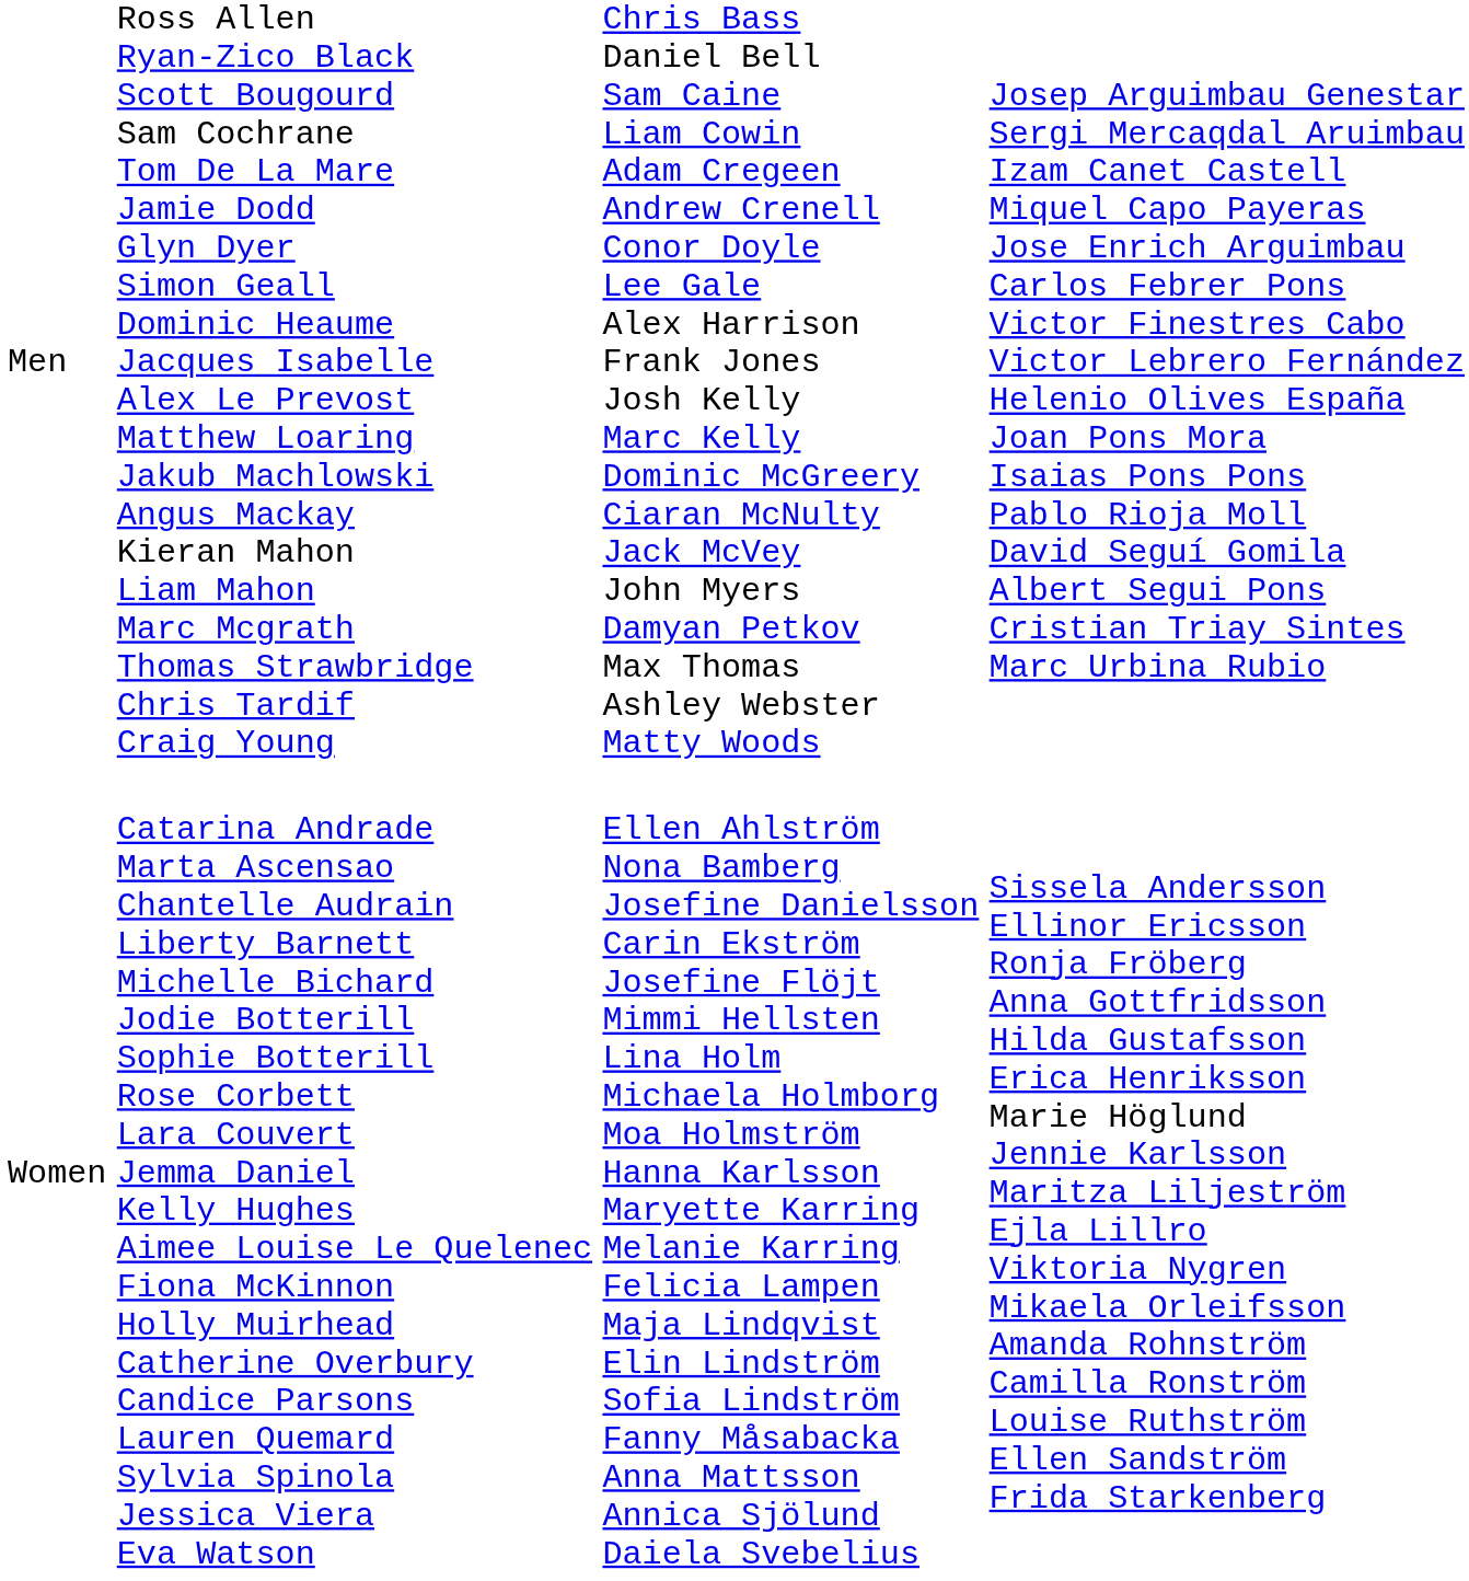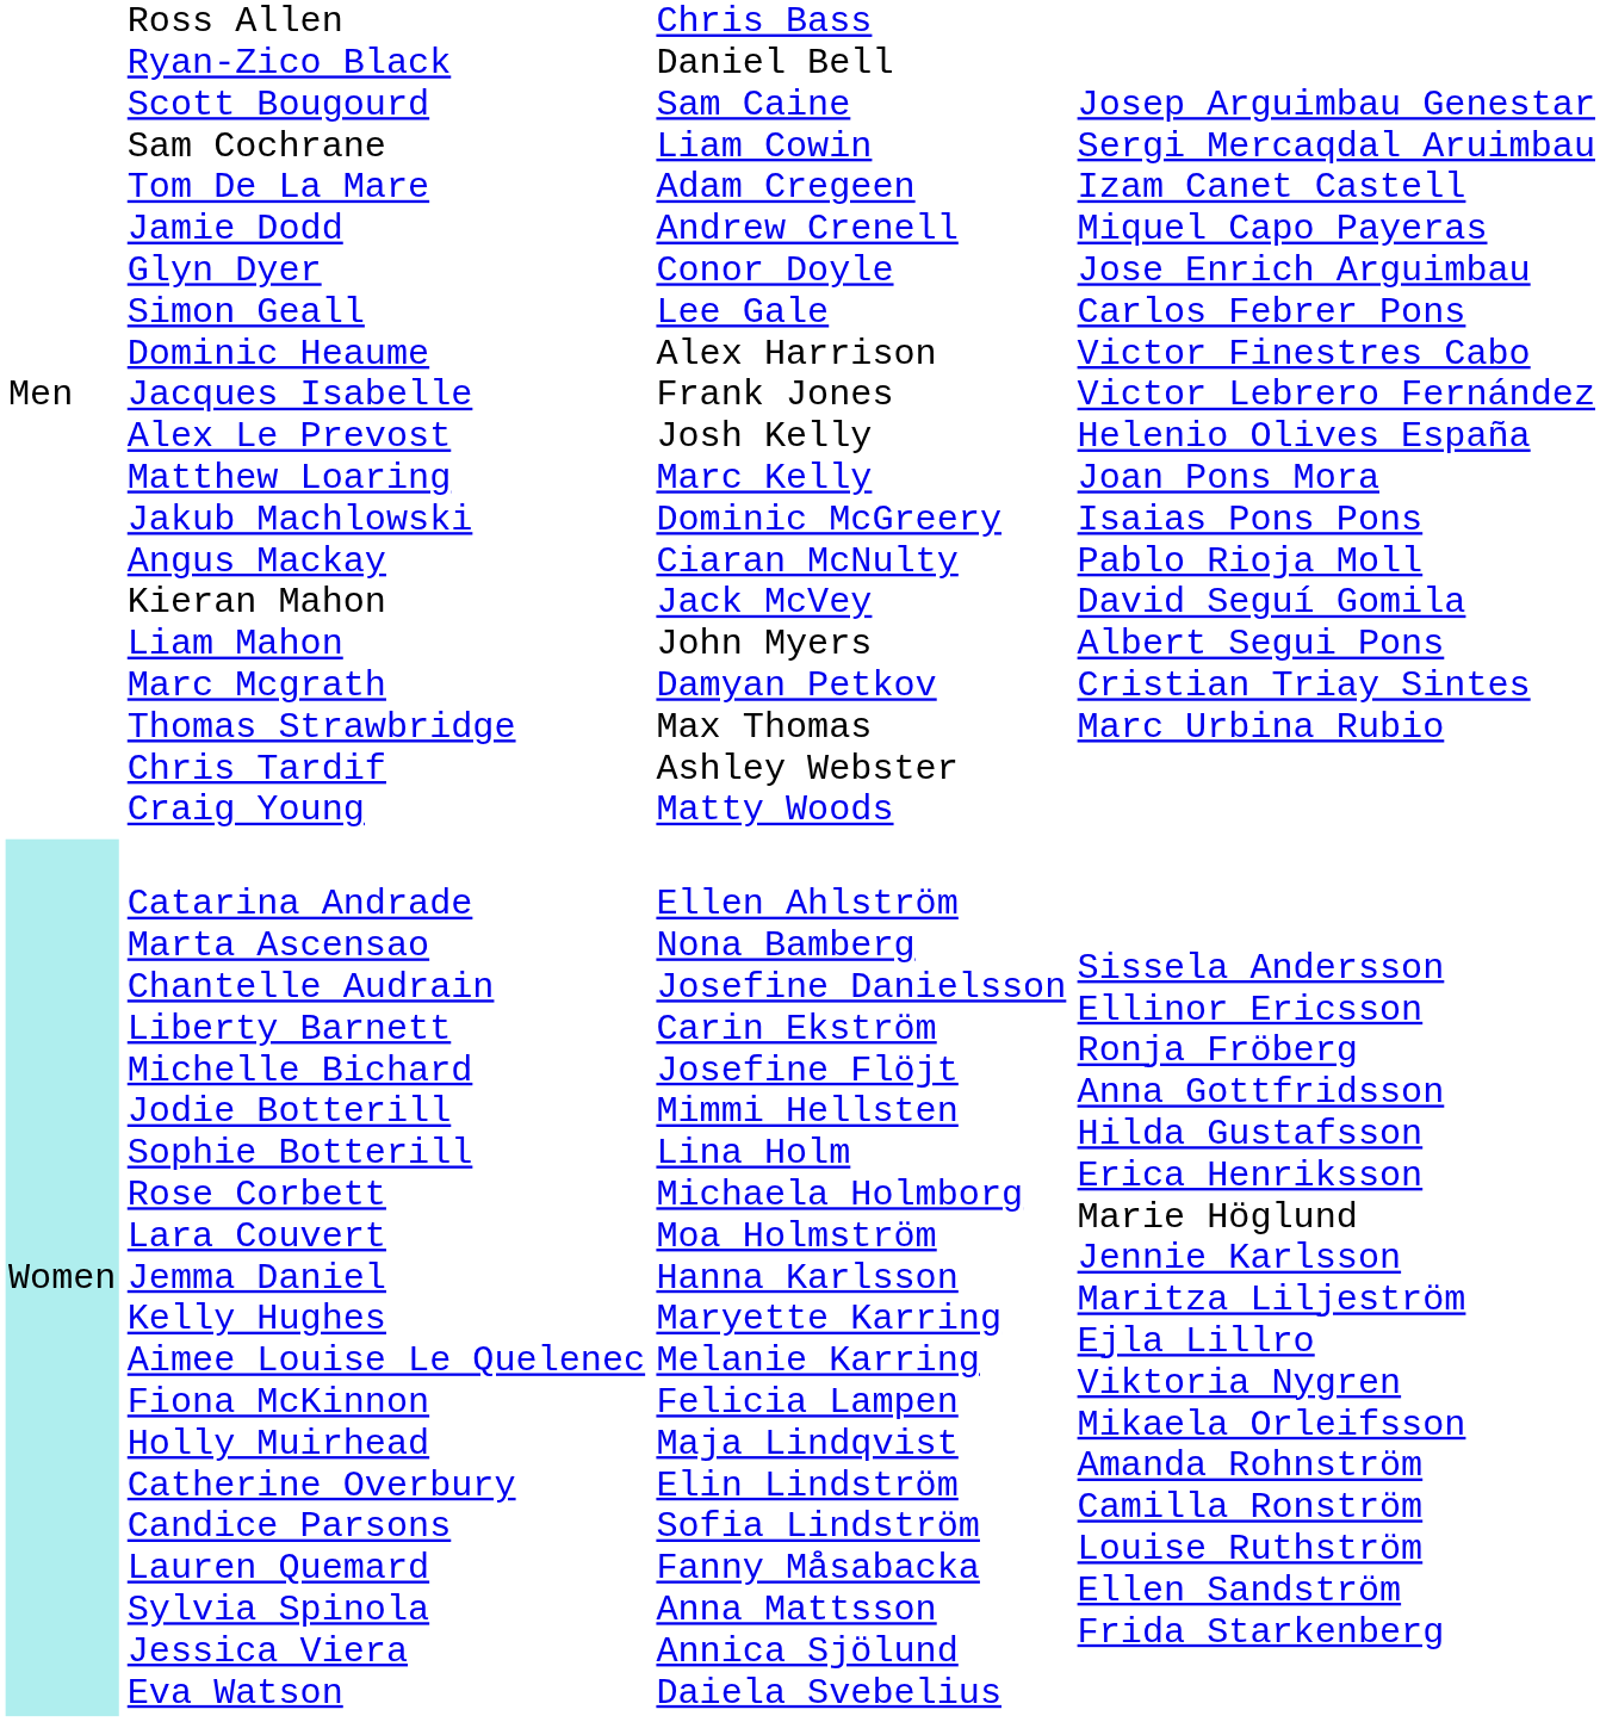 <table>
 <tr>
 <td>Men<br></td>
 <td><br>Ross Allen<br><a href='#'>Ryan-Zico Black</a><br><a href='#'>Scott Bougourd</a><br>Sam Cochrane<br><a href='#'>Tom De La Mare</a><br><a href='#'>Jamie Dodd</a><br><a href='#'>Glyn Dyer</a><br><a href='#'>Simon Geall</a><br><a href='#'>Dominic Heaume</a><br><a href='#'>Jacques Isabelle</a><br><a href='#'>Alex Le Prevost</a><br><a href='#'>Matthew Loaring</a><br><a href='#'>Jakub Machlowski</a><br><a href='#'>Angus Mackay</a><br>Kieran Mahon<br><a href='#'>Liam Mahon</a><br><a href='#'>Marc Mcgrath</a><br><a href='#'>Thomas Strawbridge</a><br><a href='#'>Chris Tardif</a><br><a href='#'>Craig Young</a></td>
 <td><br><a href='#'>Chris Bass</a><br>Daniel Bell<br><a href='#'>Sam Caine</a><br><a href='#'>Liam Cowin</a><br><a href='#'>Adam Cregeen</a><br><a href='#'>Andrew Crenell</a><br><a href='#'>Conor Doyle</a><br><a href='#'>Lee Gale</a><br>Alex Harrison<br>Frank Jones<br>Josh Kelly<br><a href='#'>Marc Kelly</a><br><a href='#'>Dominic McGreery</a><br><a href='#'>Ciaran McNulty</a><br><a href='#'>Jack McVey</a><br>John Myers<br><a href='#'>Damyan Petkov</a><br>Max Thomas<br>Ashley Webster<br><a href='#'>Matty Woods</a></td>
 <td><br><a href='#'>Josep Arguimbau Genestar</a><br><a href='#'>Sergi Mercaqdal Aruimbau</a><br><a href='#'>Izam Canet Castell</a><br><a href='#'>Miquel Capo Payeras</a><br><a href='#'>Jose Enrich Arguimbau</a><br><a href='#'>Carlos Febrer Pons</a><br><a href='#'>Victor Finestres Cabo</a><br><a href='#'>Victor Lebrero Fernández</a><br><a href='#'>Helenio Olives España</a><br><a href='#'>Joan Pons Mora</a><br><a href='#'>Isaias Pons Pons</a><br><a href='#'>Pablo Rioja Moll</a><br><a href='#'>David Seguí Gomila</a><br><a href='#'>Albert Segui Pons</a><br><a href='#'>Cristian Triay Sintes</a><br><a href='#'>Marc Urbina Rubio</a></td>
 </tr>
 <tr>
-<td>Women<br></td>
+<td style="background: paleturquoise;">Women<br></td>
 <td><br><a href='#'>Catarina Andrade</a><br><a href='#'>Marta Ascensao</a><br><a href='#'>Chantelle Audrain</a><br><a href='#'>Liberty Barnett</a><br><a href='#'>Michelle Bichard</a><br><a href='#'>Jodie Botterill</a><br><a href='#'>Sophie Botterill</a><br><a href='#'>Rose Corbett</a><br><a href='#'>Lara Couvert</a><br><a href='#'>Jemma Daniel</a><br><a href='#'>Kelly Hughes</a><br><a href='#'>Aimee Louise Le Quelenec</a><br><a href='#'>Fiona McKinnon</a><br><a href='#'>Holly Muirhead</a><br><a href='#'>Catherine Overbury</a><br><a href='#'>Candice Parsons</a><br><a href='#'>Lauren Quemard</a><br><a href='#'>Sylvia Spinola</a><br><a href='#'>Jessica Viera</a><br><a href='#'>Eva Watson</a></td>
 <td><br><a href='#'>Ellen Ahlström</a><br><a href='#'>Nona Bamberg</a><br><a href='#'>Josefine Danielsson</a><br><a href='#'>Carin Ekström</a><br><a href='#'>Josefine Flöjt</a><br><a href='#'>Mimmi Hellsten</a><br><a href='#'>Lina Holm</a><br><a href='#'>Michaela Holmborg</a><br><a href='#'>Moa Holmström</a><br><a href='#'>Hanna Karlsson</a><br><a href='#'>Maryette Karring</a><br><a href='#'>Melanie Karring</a><br><a href='#'>Felicia Lampen</a><br><a href='#'>Maja Lindqvist</a><br><a href='#'>Elin Lindström</a><br><a href='#'>Sofia Lindström</a><br><a href='#'>Fanny Måsabacka</a><br><a href='#'>Anna Mattsson</a><br><a href='#'>Annica Sjölund</a><br><a href='#'>Daiela Svebelius</a></td>
 <td><br><a href='#'>Sissela Andersson</a><br><a href='#'>Ellinor Ericsson</a><br><a href='#'>Ronja Fröberg</a><br><a href='#'>Anna Gottfridsson</a><br><a href='#'>Hilda Gustafsson</a><br><a href='#'>Erica Henriksson</a><br>Marie Höglund<br><a href='#'>Jennie Karlsson</a><br><a href='#'>Maritza Liljeström</a><br><a href='#'>Ejla Lillro</a><br><a href='#'>Viktoria Nygren</a><br><a href='#'>Mikaela Orleifsson</a><br><a href='#'>Amanda Rohnström</a><br><a href='#'>Camilla Ronström</a><br><a href='#'>Louise Ruthström</a><br><a href='#'>Ellen Sandström</a><br><a href='#'>Frida Starkenberg</a></td>
 </tr>
 </table>
